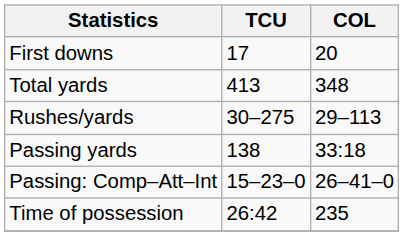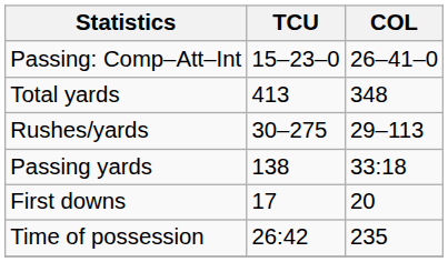 <table class="wikitable" style="float: left;">
 <tr>
 <th>Statistics</th>
 <th>TCU</th>
 <th>COL</th>
 </tr>
 <tr>
-<td>First downs</td>
-<td>17</td>
-<td>20</td>
+<td>Passing: Comp–Att–Int</td>
+<td>15–23–0</td>
+<td>26–41–0</td>
 </tr>
 <tr>
 <td>Total yards</td>
 <td>413</td>
 <td>348</td>
 </tr>
 <tr>
 <td>Rushes/yards</td>
 <td>30–275</td>
 <td>29–113</td>
 </tr>
 <tr>
 <td>Passing yards</td>
 <td>138</td>
 <td>33:18</td>
 </tr>
 <tr>
-<td>Passing: Comp–Att–Int</td>
-<td>15–23–0</td>
-<td>26–41–0</td>
+<td>First downs</td>
+<td>17</td>
+<td>20</td>
 </tr>
 <tr>
 <td>Time of possession</td>
 <td>26:42</td>
 <td>235</td>
 </tr>
 <tr>
 </tr>
 </table>
